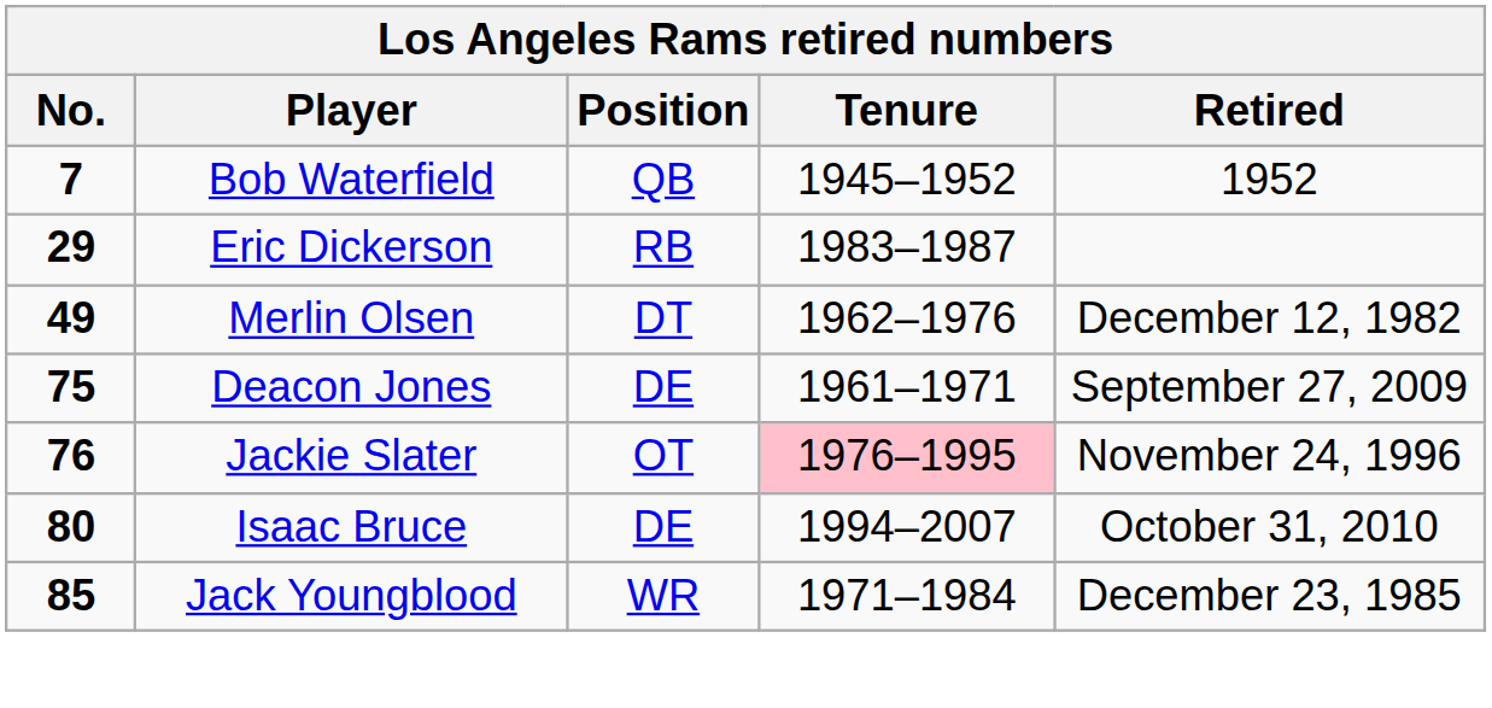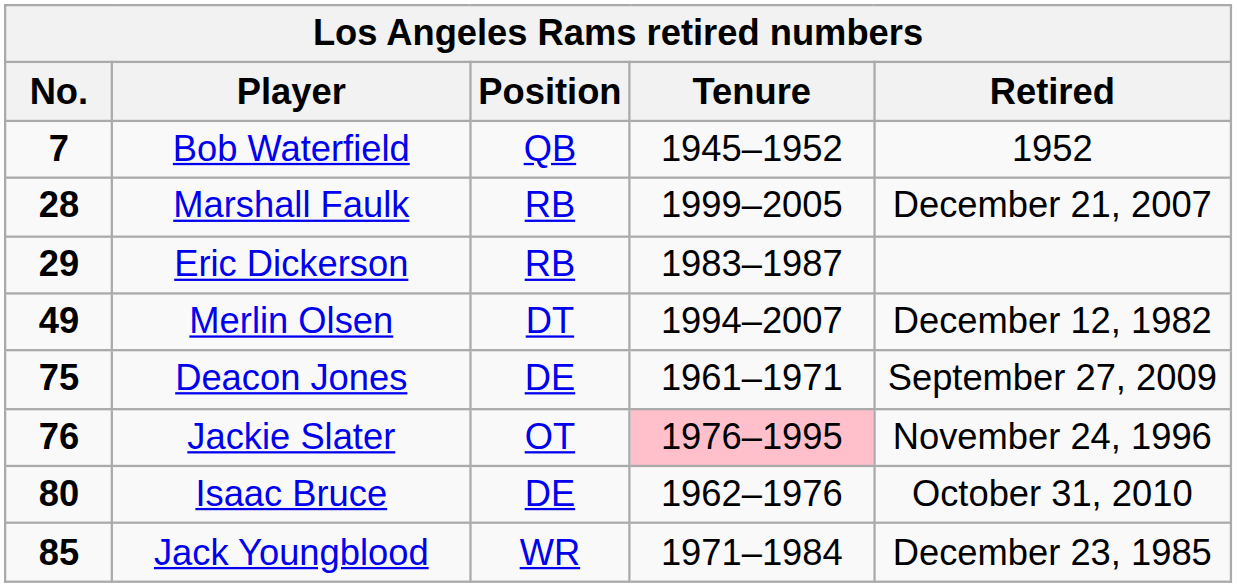 <table class="wikitable sortable" style="text-align:center">
 <tr>
 <th colspan="5">Los Angeles Rams retired numbers</th>
 </tr>
 <tr>
 <th style="width:40px; ">No.</th>
 <th style="width:150px; ">Player</th>
 <th style="width:40px; ">Position</th>
 <th style="width:100px; ">Tenure</th>
 <th style="width:150px; ">Retired</th>
 </tr>
 <tr>
 <td><strong>7</strong></td>
 <td><a href='#'>Bob Waterfield</a></td>
 <td><a href='#'>QB</a></td>
 <td>1945–1952</td>
 <td>1952</td>
 </tr>
 <tr>
+<td><strong>28</strong></td>
+<td><a href='#'>Marshall Faulk</a></td>
+<td><a href='#'>RB</a></td>
+<td>1999–2005</td>
+<td>December 21, 2007</td>
+</tr>
+<tr>
 <td><strong>29</strong></td>
 <td><a href='#'>Eric Dickerson</a></td>
 <td><a href='#'>RB</a></td>
 <td>1983–1987</td>
 <td></td>
 </tr>
 <tr>
 <td><strong>49</strong></td>
 <td><a href='#'>Merlin Olsen</a></td>
 <td><a href='#'>DT</a></td>
-<td>1962–1976</td>
+<td>1994–2007</td>
 <td>December 12, 1982</td>
 </tr>
 <tr>
 <td><strong>75</strong></td>
 <td><a href='#'>Deacon Jones</a></td>
 <td><a href='#'>DE</a></td>
 <td>1961–1971</td>
 <td>September 27, 2009</td>
 </tr>
 <tr>
 <td><strong>76</strong></td>
 <td><a href='#'>Jackie Slater</a></td>
 <td><a href='#'>OT</a></td>
 <td style="background: pink;">1976–1995</td>
 <td>November 24, 1996</td>
 </tr>
 <tr>
 <td><strong>80</strong></td>
 <td><a href='#'>Isaac Bruce</a></td>
 <td><a href='#'>DE</a></td>
-<td>1994–2007</td>
+<td>1962–1976</td>
 <td>October 31, 2010</td>
 </tr>
 <tr>
 <td><strong>85</strong></td>
 <td><a href='#'>Jack Youngblood</a></td>
 <td><a href='#'>WR</a></td>
 <td>1971–1984</td>
 <td>December 23, 1985</td>
 </tr>
 </table>
